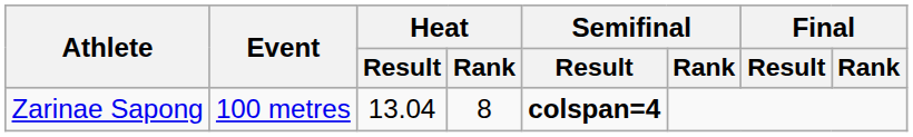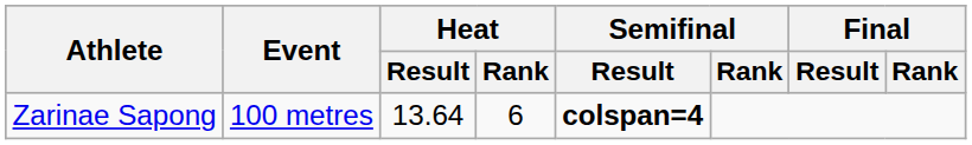 <table class="wikitable" style="font-size:90%">
 <tr>
 <th rowspan="2">Athlete</th>
 <th rowspan="2">Event</th>
 <th colspan="2">Heat</th>
 <th colspan="2">Semifinal</th>
 <th colspan="2">Final</th>
 </tr>
 <tr style="font-size:95%">
 <th>Result</th>
 <th>Rank</th>
 <th>Result</th>
 <th>Rank</th>
 <th>Result</th>
 <th>Rank</th>
 </tr>
 <tr align=center>
 <td align=left><a href='#'>Zarinae Sapong</a></td>
 <td align=left><a href='#'>100 metres</a></td>
-<td>13.04 </td>
-<td>8</td>
+<td>13.64 </td>
+<td>6</td>
 <td><strong>colspan=4 </strong></td>
 </tr>
 </table>
